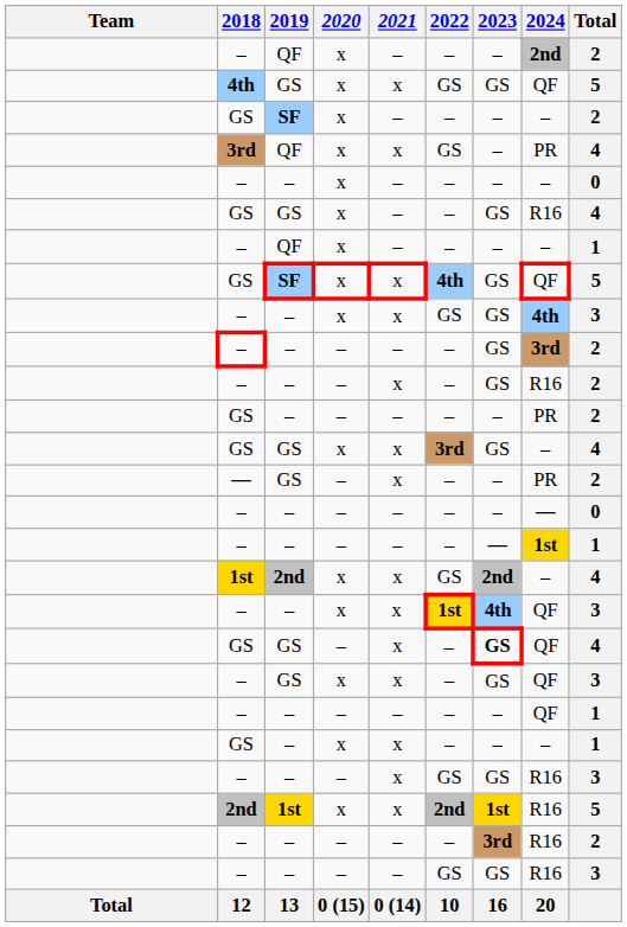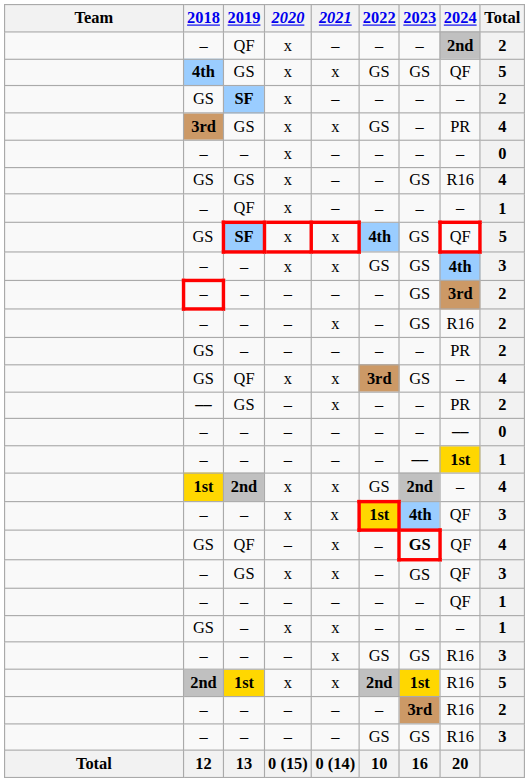 <table class="wikitable" style="text-align:center; font-size:90%">
 <tr>
 <th style="width:150px;">Team</th>
 <th><a href='#'>2018</a><br></th>
 <th><a href='#'>2019</a><br></th>
 <th><em><a href='#'>2020</a></em><br></th>
 <th><em><a href='#'>2021</a></em><br></th>
 <th><a href='#'>2022</a><br></th>
 <th><a href='#'>2023</a><br></th>
 <th><a href='#'>2024</a><br></th>
 <th>Total</th>
 </tr>
 <tr>
 <td align=left></td>
 <td>–</td>
 <td>QF</td>
 <td>x</td>
 <td>–</td>
 <td>–</td>
 <td>–</td>
 <td style="background:Silver;"><strong>2nd</strong></td>
 <th>2</th>
 </tr>
 <tr>
 <td align=left></td>
 <td style="background:#9acdff;"><strong>4th</strong></td>
 <td>GS</td>
 <td>x</td>
 <td>x</td>
 <td>GS</td>
 <td>GS</td>
 <td>QF</td>
 <th>5</th>
 </tr>
 <tr>
 <td align=left></td>
 <td>GS</td>
 <td style="background:#9acdff;"><strong>SF</strong></td>
 <td>x</td>
 <td>–</td>
 <td>–</td>
 <td>–</td>
 <td>–</td>
 <th>2</th>
 </tr>
 <tr>
 <td align=left></td>
 <td style="background:#cc9966;"><strong>3rd</strong></td>
-<td>QF</td>
+<td>GS</td>
 <td>x</td>
 <td>x</td>
 <td>GS</td>
 <td>–</td>
 <td>PR</td>
 <th>4</th>
 </tr>
 <tr>
 <td align=left></td>
 <td>–</td>
 <td>–</td>
 <td>x</td>
 <td>–</td>
 <td>–</td>
 <td>–</td>
 <td>–</td>
 <th>0</th>
 </tr>
 <tr>
 <td align=left></td>
 <td>GS</td>
 <td>GS</td>
 <td>x</td>
 <td>–</td>
 <td>–</td>
 <td>GS</td>
 <td>R16</td>
 <th>4</th>
 </tr>
 <tr>
 <td align=left></td>
 <td>–</td>
 <td>QF</td>
 <td>x</td>
 <td>–</td>
 <td>–</td>
 <td>–</td>
 <td>–</td>
 <th>1</th>
 </tr>
 <tr>
 <td align=left></td>
 <td>GS</td>
 <td style="background:#9acdff;border:3px solid red"><strong>SF</strong></td>
 <td style="border:3px solid red">x</td>
 <td style="border:3px solid red">x</td>
 <td style="background:#9acdff;"><strong>4th</strong></td>
 <td>GS</td>
 <td style="border: 3px solid red">QF</td>
 <th>5</th>
 </tr>
 <tr>
 <td align=left></td>
 <td>–</td>
 <td>–</td>
 <td>x</td>
 <td>x</td>
 <td>GS</td>
 <td>GS</td>
 <td style="background:#9acdff;"><strong>4th</strong></td>
 <th>3</th>
 </tr>
 <tr>
 <td align=left></td>
 <td style="border: 3px solid red">–</td>
 <td>–</td>
 <td>–</td>
 <td>–</td>
 <td>–</td>
 <td>GS</td>
 <td style="background:#cc9966;"><strong>3rd</strong></td>
 <th>2</th>
 </tr>
 <tr>
 <td align=left></td>
 <td>–</td>
 <td>–</td>
 <td>–</td>
 <td>x</td>
 <td>–</td>
 <td>GS</td>
 <td>R16</td>
 <th>2</th>
 </tr>
 <tr>
 <td align=left></td>
 <td>GS</td>
 <td>–</td>
 <td>–</td>
 <td>–</td>
 <td>–</td>
 <td>–</td>
 <td>PR</td>
 <th>2</th>
 </tr>
 <tr>
 <td align=left></td>
 <td>GS</td>
-<td>GS</td>
+<td>QF</td>
 <td>x</td>
 <td>x</td>
 <td style="background:#cc9966;"><strong>3rd</strong></td>
 <td>GS</td>
 <td>–</td>
 <th>4</th>
 </tr>
 <tr>
 <td align=left></td>
 <td><strong>––</strong></td>
 <td>GS</td>
 <td>–</td>
 <td>x</td>
 <td>–</td>
 <td>–</td>
 <td>PR</td>
 <th>2</th>
 </tr>
 <tr>
 <td align=left></td>
 <td>–</td>
 <td>–</td>
 <td>–</td>
 <td>–</td>
 <td>–</td>
 <td>–</td>
 <td><strong>––</strong></td>
 <th>0</th>
 </tr>
 <tr>
 <td align=left></td>
 <td>–</td>
 <td>–</td>
 <td>–</td>
 <td>–</td>
 <td>–</td>
 <td><strong>––</strong></td>
 <td style="background:Gold;"><strong>1st</strong></td>
 <th>1</th>
 </tr>
 <tr>
 <td align=left></td>
 <td style="background:Gold;"><strong>1st</strong></td>
 <td style="background:Silver;"><strong>2nd</strong></td>
 <td>x</td>
 <td>x</td>
 <td>GS</td>
 <td style="background:Silver;"><strong>2nd</strong></td>
 <td>–</td>
 <th>4</th>
 </tr>
 <tr>
 <td align=left></td>
 <td>–</td>
 <td>–</td>
 <td>x</td>
 <td>x</td>
 <td style="background:Gold;border:3px solid red"><strong>1st</strong></td>
 <td style="background:#9acdff;"><strong>4th</strong></td>
 <td>QF</td>
 <th>3</th>
 </tr>
 <tr>
 <td align=left></td>
 <td>GS</td>
-<td>GS</td>
+<td>QF</td>
 <td>–</td>
 <td>x</td>
 <td>–</td>
 <td style="border: 3px solid red"><strong>GS</strong></td>
 <td>QF</td>
 <th>4</th>
 </tr>
 <tr>
 <td align=left></td>
 <td>–</td>
 <td>GS</td>
 <td>x</td>
 <td>x</td>
 <td>–</td>
 <td>GS</td>
 <td>QF</td>
 <th>3</th>
 </tr>
 <tr>
 <td align=left></td>
 <td>–</td>
 <td>–</td>
 <td>–</td>
 <td>–</td>
 <td>–</td>
 <td>–</td>
 <td>QF</td>
 <th>1</th>
 </tr>
 <tr>
 <td align=left></td>
 <td>GS</td>
 <td>–</td>
 <td>x</td>
 <td>x</td>
 <td>–</td>
 <td>–</td>
 <td>–</td>
 <th>1</th>
 </tr>
 <tr>
 <td align=left></td>
 <td>–</td>
 <td>–</td>
 <td>–</td>
 <td>x</td>
 <td>GS</td>
 <td>GS</td>
 <td>R16</td>
 <th>3</th>
 </tr>
 <tr>
 <td align=left></td>
 <td style="background:Silver;"><strong>2nd</strong></td>
 <td style="background:Gold;"><strong>1st</strong></td>
 <td>x</td>
 <td>x</td>
 <td style="background:Silver;"><strong>2nd</strong></td>
 <td style="background:Gold;"><strong>1st</strong></td>
 <td>R16</td>
 <th>5</th>
 </tr>
 <tr>
 <td align=left></td>
 <td>–</td>
 <td>–</td>
 <td>–</td>
 <td>–</td>
 <td>–</td>
 <td style="background:#cc9966;"><strong>3rd</strong></td>
 <td>R16</td>
 <th>2</th>
 </tr>
 <tr>
 <td align=left></td>
 <td>–</td>
 <td>–</td>
 <td>–</td>
 <td>–</td>
 <td>GS</td>
 <td>GS</td>
 <td>R16</td>
 <th>3</th>
 </tr>
 <tr>
 <th>Total</th>
 <th>12</th>
 <th>13</th>
 <th>0 (15)</th>
 <th>0 (14)</th>
 <th>10</th>
 <th>16</th>
 <th>20</th>
 <th></th>
 </tr>
 </table>
